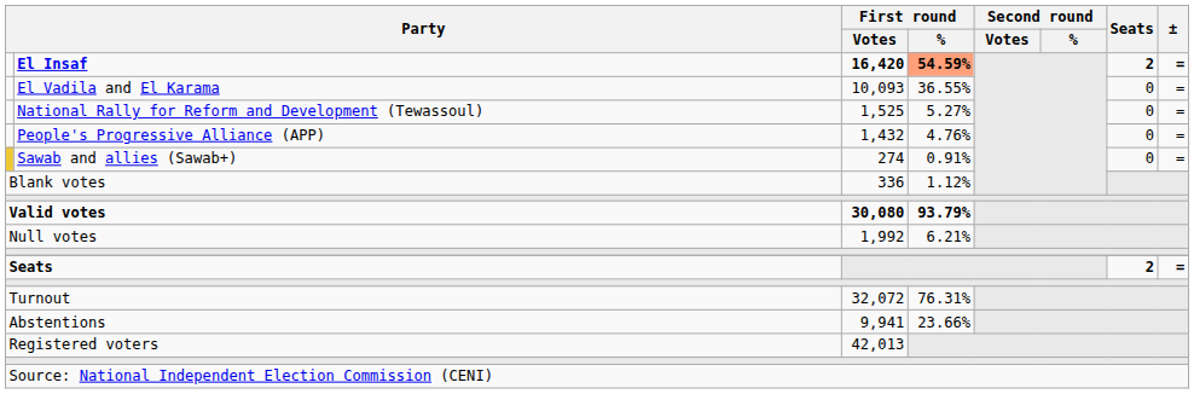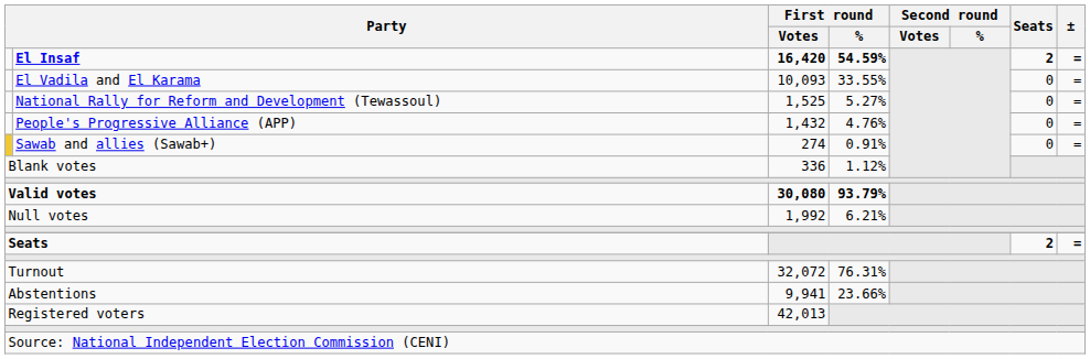 <table class="wikitable" style="text-align:right;font-size:95%;">
 <tr>
 <th rowspan="2" colspan="2" width="700">Party</th>
 <th colspan="2">First round</th>
 <th colspan="2">Second round</th>
 <th rowspan="2" width="25">Seats</th>
 <th rowspan="2" width="20">±</th>
 </tr>
 <tr>
 <th width="50">Votes</th>
 <th width="50">%</th>
 <th width="50">Votes</th>
 <th width="50">%</th>
 </tr>
 <tr>
 <td width="1" style="color:inherit;background:"></td>
 <td style="text-align:left;"><strong><a href='#'>El Insaf</a></strong></td>
 <td><strong>16,420</strong></td>
-<td style="background: lightsalmon;"><strong>54.59%</strong></td>
+<td><strong>54.59%</strong></td>
 <td colspan="2" rowspan="6" style="background:#E9E9E9;"></td>
 <td><strong>2</strong></td>
 <td><strong>=</strong></td>
 </tr>
 <tr>
 <td width="1" style="color:inherit;background:"></td>
 <td style="text-align:left;"><a href='#'>El Vadila</a> and <a href='#'>El Karama</a></td>
 <td>10,093</td>
-<td>36.55%</td>
+<td>33.55%</td>
 <td>0</td>
 <td>=</td>
 </tr>
 <tr>
 <td width="1" style="color:inherit;background:"></td>
 <td style="text-align:left;"><a href='#'>National Rally for Reform and Development</a> (Tewassoul)</td>
 <td>1,525</td>
 <td>5.27%</td>
 <td>0</td>
 <td>=</td>
 </tr>
 <tr>
 <td width="1" style="color:inherit;background:"></td>
 <td style="text-align:left;"><a href='#'>People's Progressive Alliance</a> (APP)</td>
 <td>1,432</td>
 <td>4.76%</td>
 <td>0</td>
 <td>=</td>
 </tr>
 <tr>
 <td width="1" style="color:inherit;background:#F0C832;"></td>
 <td style="text-align:left;"><a href='#'>Sawab</a> and <a href='#'>allies</a> (Sawab+)</td>
 <td>274</td>
 <td>0.91%</td>
 <td>0</td>
 <td>=</td>
 </tr>
 <tr>
 <td colspan="2" style="text-align:left;">Blank votes</td>
 <td>336</td>
 <td>1.12%</td>
 <td colspan="4" style="background:#E9E9E9;"></td>
 </tr>
 <tr>
 <td colspan="8" style="background:#E9E9E9;"></td>
 </tr>
 <tr style="font-weight:bold;">
 <td colspan="2" style="text-align:left;">Valid votes</td>
 <td>30,080</td>
 <td>93.79%</td>
 <td colspan="4" style="background:#E9E9E9;"></td>
 </tr>
 <tr>
 <td colspan="2" style="text-align:left;">Null votes</td>
 <td>1,992</td>
 <td>6.21%</td>
 <td colspan="4" style="background:#E9E9E9;"></td>
 </tr>
 <tr>
 <td colspan="8" style="background:#E9E9E9;"></td>
 </tr>
 <tr>
 </tr>
 <tr style="font-weight:bold;">
 <td colspan="2" style="text-align:left;">Seats</td>
 <td colspan="4" style="background:#E9E9E9;"></td>
 <td>2</td>
 <td>=</td>
 </tr>
 <tr>
 <td colspan="8" style="background:#E9E9E9;"></td>
 </tr>
 <tr>
 <td colspan="2" style="text-align:left;">Turnout</td>
 <td>32,072</td>
 <td>76.31%</td>
 <td colspan="4" style="background:#E9E9E9;"></td>
 </tr>
 <tr>
 <td colspan="2" style="text-align:left;">Abstentions</td>
 <td>9,941</td>
 <td>23.66%</td>
 <td colspan="4" style="background:#E9E9E9;"></td>
 </tr>
 <tr>
 <td colspan="2" style="text-align:left;">Registered voters</td>
 <td>42,013</td>
 <td colspan="5" style="background:#E9E9E9;"></td>
 </tr>
 <tr>
 <td colspan="8" style="background:#E9E9E9;"></td>
 </tr>
 <tr>
 <td colspan="8" style="text-align:left;">Source: <a href='#'>National Independent Election Commission</a> (CENI)</td>
 </tr>
 </table>
